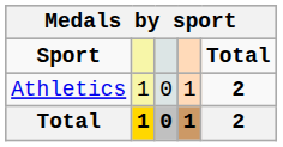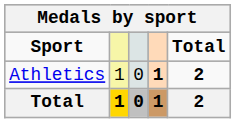 <table class="wikitable" style=font-size:85%>
 <tr style="background:#efefef;">
 <th colspan=5><strong>Medals by sport</strong></th>
 </tr>
 <tr align=center>
 <td><strong>Sport</strong></td>
 <td bgcolor=#f7f6a8></td>
 <td bgcolor=#dce5e5></td>
 <td bgcolor=#ffdab9></td>
 <td><strong>Total</strong></td>
 </tr>
 <tr align=center>
 <td><a href='#'>Athletics</a></td>
 <td style="background:#F7F6A8;">1</td>
 <td style="background:#DCE5E5;">0</td>
-<td style="background:#FFDAB9;">1</td>
+<td style="background:#FFDAB9;"><strong>1</strong></td>
 <td><strong>2</strong></td>
 </tr>
 <tr align=center>
 <th><strong>Total</strong></th>
 <th style="background:gold;"><strong>1</strong></th>
 <th style="background:silver;"><strong>0</strong></th>
 <th style="background:#c96;"><strong>1</strong></th>
 <th><strong>2</strong></th>
 </tr>
 </table>
